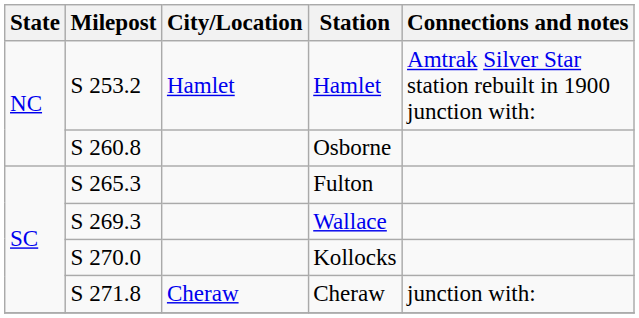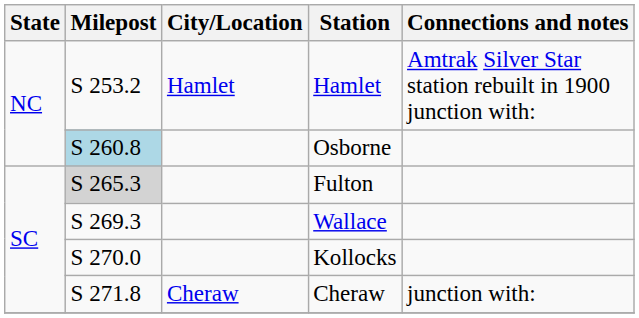 <table class="wikitable">
 <tr>
 <th>State</th>
 <th>Milepost</th>
 <th>City/Location</th>
 <th>Station</th>
 <th>Connections and notes</th>
 </tr>
 <tr>
 <td ! rowspan="2"><a href='#'>NC</a></td>
 <td>S 253.2</td>
 <td><a href='#'>Hamlet</a></td>
 <td><a href='#'>Hamlet</a></td>
 <td><a href='#'>Amtrak</a> <a href='#'>Silver Star</a><br>station rebuilt in 1900<br>junction with:</td>
 </tr>
 <tr>
-<td>S 260.8</td>
+<td style="background: lightblue;">S 260.8</td>
 <td></td>
 <td>Osborne</td>
 <td></td>
 </tr>
 <tr>
 <td ! rowspan="4"><a href='#'>SC</a></td>
-<td>S 265.3</td>
+<td style="background: lightgrey;">S 265.3</td>
 <td></td>
 <td>Fulton</td>
 <td></td>
 </tr>
 <tr>
 <td>S 269.3</td>
 <td></td>
 <td><a href='#'>Wallace</a></td>
 <td></td>
 </tr>
 <tr>
 <td>S 270.0</td>
 <td></td>
 <td>Kollocks</td>
 <td></td>
 </tr>
 <tr>
 <td>S 271.8</td>
 <td><a href='#'>Cheraw</a></td>
 <td>Cheraw</td>
 <td>junction with:<br></td>
 </tr>
 <tr>
 </tr>
 </table>
